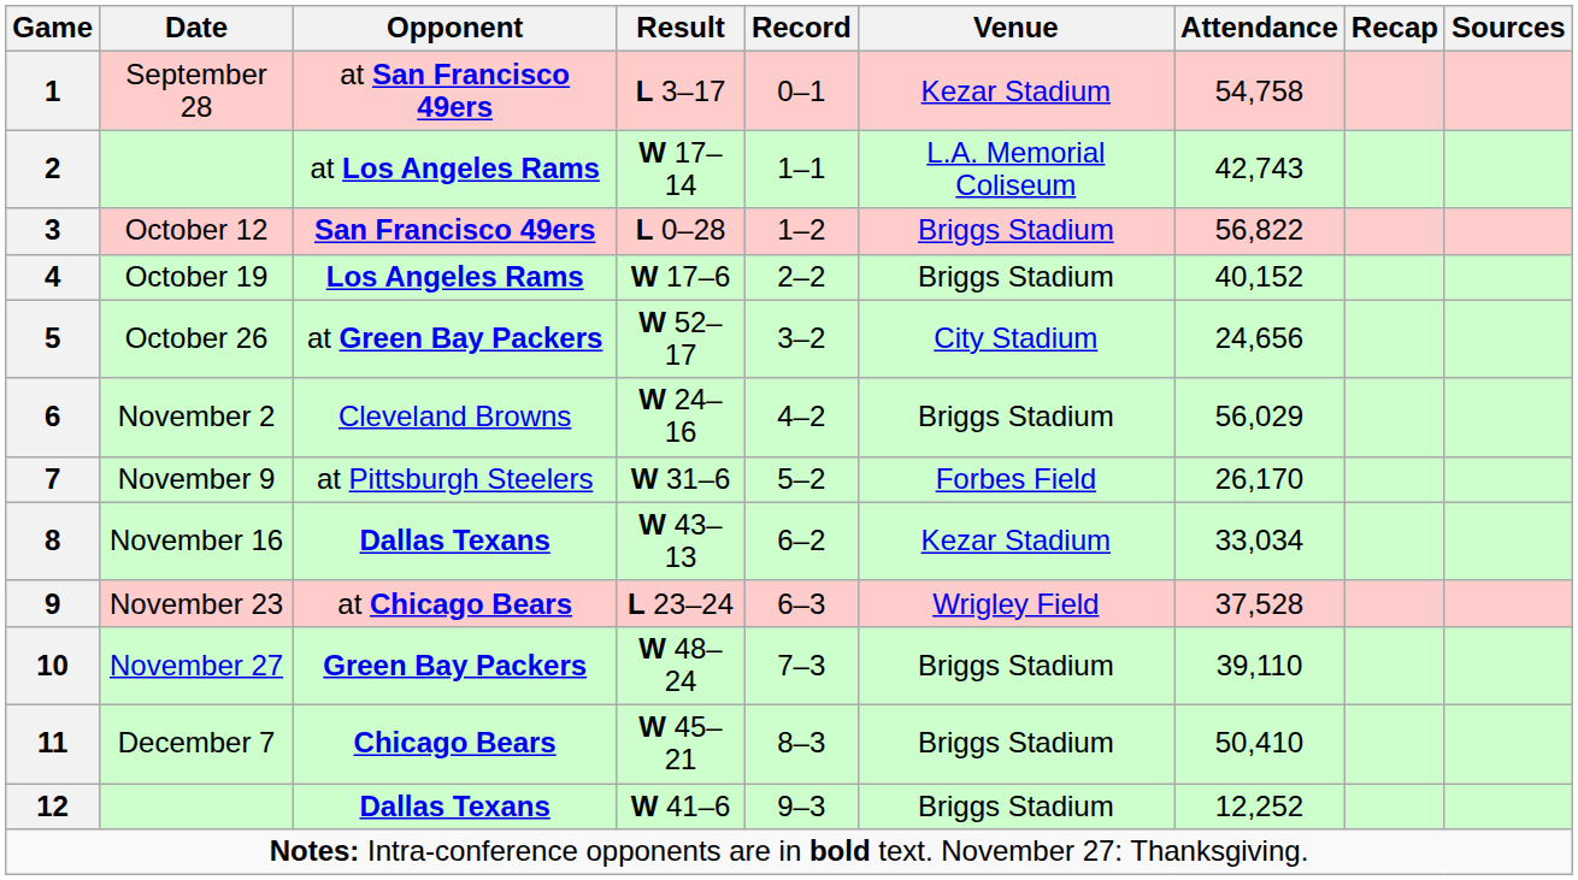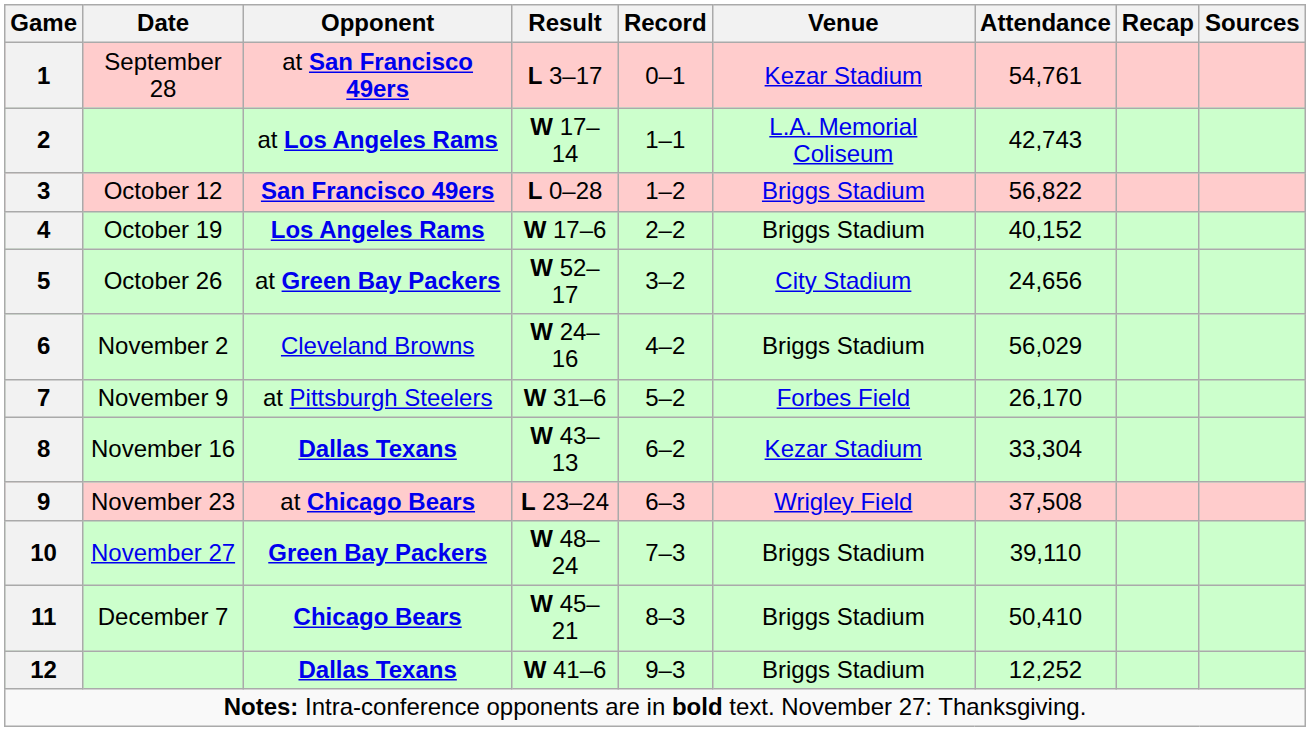 <table class="wikitable" style="text-align:center">
 <tr>
 <th>Game</th>
 <th>Date</th>
 <th>Opponent</th>
 <th>Result</th>
 <th>Record</th>
 <th>Venue</th>
 <th>Attendance</th>
 <th>Recap</th>
 <th>Sources</th>
 </tr>
 <tr style="background:#fcc">
 <th>1</th>
 <td>September 28</td>
 <td>at <strong><a href='#'>San Francisco 49ers</a></strong></td>
 <td><strong>L</strong> 3–17</td>
 <td>0–1</td>
 <td><a href='#'>Kezar Stadium</a></td>
-<td>54,758</td>
+<td>54,761</td>
 <td></td>
 <td></td>
 </tr>
 <tr style="background:#cfc">
 <th>2</th>
 <td></td>
 <td>at <strong><a href='#'>Los Angeles Rams</a></strong></td>
 <td><strong>W</strong> 17–14</td>
 <td>1–1</td>
 <td><a href='#'>L.A. Memorial Coliseum</a></td>
 <td>42,743</td>
 <td></td>
 <td></td>
 </tr>
 <tr style="background:#fcc">
 <th>3</th>
 <td>October 12</td>
 <td><strong><a href='#'>San Francisco 49ers</a></strong></td>
 <td><strong>L</strong> 0–28</td>
 <td>1–2</td>
 <td><a href='#'>Briggs Stadium</a></td>
 <td>56,822</td>
 <td></td>
 <td></td>
 </tr>
 <tr style="background:#cfc">
 <th>4</th>
 <td>October 19</td>
 <td><strong><a href='#'>Los Angeles Rams</a></strong></td>
 <td><strong>W</strong> 17–6</td>
 <td>2–2</td>
 <td>Briggs Stadium</td>
 <td>40,152</td>
 <td></td>
 <td></td>
 </tr>
 <tr style="background:#cfc">
 <th>5</th>
 <td>October 26</td>
 <td>at <strong><a href='#'>Green Bay Packers</a></strong></td>
 <td><strong>W</strong> 52–17</td>
 <td>3–2</td>
 <td><a href='#'>City Stadium</a></td>
 <td>24,656</td>
 <td></td>
 <td></td>
 </tr>
 <tr style="background:#cfc">
 <th>6</th>
 <td>November 2</td>
 <td><a href='#'>Cleveland Browns</a></td>
 <td><strong>W</strong> 24–16</td>
 <td>4–2</td>
 <td>Briggs Stadium</td>
 <td>56,029</td>
 <td></td>
 <td></td>
 </tr>
 <tr style="background:#cfc">
 <th>7</th>
 <td>November 9</td>
 <td>at <a href='#'>Pittsburgh Steelers</a></td>
 <td><strong>W</strong> 31–6</td>
 <td>5–2</td>
 <td><a href='#'>Forbes Field</a></td>
 <td>26,170</td>
 <td></td>
 <td></td>
 </tr>
 <tr style="background:#cfc">
 <th>8</th>
 <td>November 16</td>
 <td><strong><a href='#'>Dallas Texans</a></strong></td>
 <td><strong>W</strong> 43–13</td>
 <td>6–2</td>
 <td><a href='#'>Kezar Stadium</a></td>
-<td>33,034</td>
+<td>33,304</td>
 <td></td>
 <td></td>
 </tr>
 <tr style="background:#fcc">
 <th>9</th>
 <td>November 23</td>
 <td>at <strong><a href='#'>Chicago Bears</a></strong></td>
 <td><strong>L</strong> 23–24</td>
 <td>6–3</td>
 <td><a href='#'>Wrigley Field</a></td>
-<td>37,528</td>
+<td>37,508</td>
 <td></td>
 <td></td>
 </tr>
 <tr style="background:#cfc">
 <th>10</th>
 <td><a href='#'>November 27</a></td>
 <td><strong><a href='#'>Green Bay Packers</a></strong></td>
 <td><strong>W</strong> 48–24</td>
 <td>7–3</td>
 <td>Briggs Stadium</td>
 <td>39,110</td>
 <td></td>
 <td></td>
 </tr>
 <tr style="background:#cfc">
 <th>11</th>
 <td>December 7</td>
 <td><strong><a href='#'>Chicago Bears</a></strong></td>
 <td><strong>W</strong> 45–21</td>
 <td>8–3</td>
 <td>Briggs Stadium</td>
 <td>50,410</td>
 <td></td>
 <td></td>
 </tr>
 <tr style="background:#cfc">
 <th>12</th>
 <td></td>
 <td><strong><a href='#'>Dallas Texans</a></strong></td>
 <td><strong>W</strong> 41–6</td>
 <td>9–3</td>
 <td>Briggs Stadium</td>
 <td>12,252</td>
 <td></td>
 <td></td>
 </tr>
 <tr>
 <td colspan="10"><strong>Notes:</strong> Intra-conference opponents are in <strong>bold</strong> text. November 27: Thanksgiving.</td>
 </tr>
 </table>
